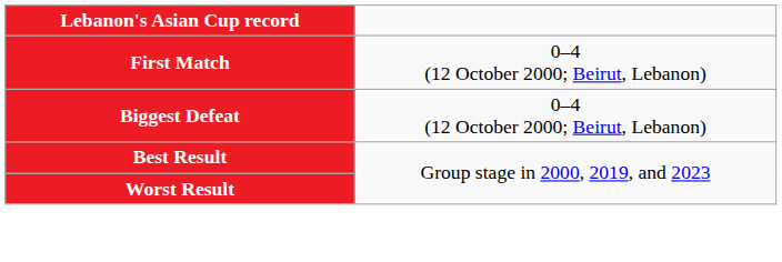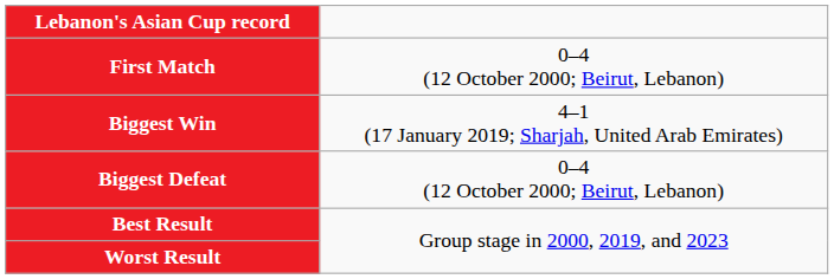 <table class="wikitable collapsible collapsed" style="width:50%;text-align:center">
 <tr>
 <th style="background:#ED1C24; color:white; "><strong>Lebanon's Asian Cup record</strong></th>
 </tr>
 <tr>
 <th style="background:#ED1C24; color:white; ">First Match</th>
 <td> 0–4 <br> (12 October 2000; <a href='#'>Beirut</a>, Lebanon)</td>
+</tr>
+<tr>
+<th style="background:#ED1C24; color:white; ">Biggest Win</th>
+<td> 4–1 <br> (17 January 2019; <a href='#'>Sharjah</a>, United Arab Emirates)</td>
 </tr>
 <tr>
 <th style="background:#ED1C24; color:white; ">Biggest Defeat</th>
 <td> 0–4 <br> (12 October 2000; <a href='#'>Beirut</a>, Lebanon)</td>
 </tr>
 <tr>
 <th style="background:#ED1C24; color:white; ">Best Result</th>
 <td rowspan=2>Group stage in <a href='#'>2000</a>, <a href='#'>2019</a>, and <a href='#'>2023</a></td>
 </tr>
 <tr>
 <th style="background:#ED1C24; color:white; ">Worst Result</th>
 </tr>
 </table>
